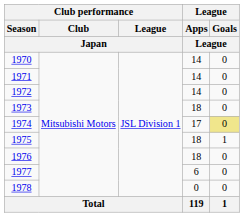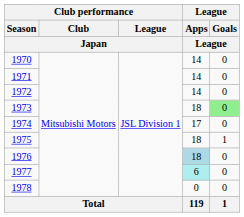 <table class="wikitable" style="text-align:center;">
 <tr>
 <th colspan=3>Club performance</th>
 <th colspan=2>League</th>
 </tr>
 <tr>
 <th>Season</th>
 <th>Club</th>
 <th>League</th>
 <th>Apps</th>
 <th>Goals</th>
 </tr>
 <tr>
 <th colspan=3>Japan</th>
 <th colspan=2>League</th>
 </tr>
 <tr>
 <td><a href='#'>1970</a></td>
 <td rowspan="9"><a href='#'>Mitsubishi Motors</a></td>
 <td rowspan="9"><a href='#'>JSL Division 1</a></td>
 <td>14</td>
 <td>0</td>
 </tr>
 <tr>
 <td><a href='#'>1971</a></td>
 <td>14</td>
 <td>0</td>
 </tr>
 <tr>
 <td><a href='#'>1972</a></td>
 <td>14</td>
 <td>0</td>
 </tr>
 <tr>
 <td><a href='#'>1973</a></td>
 <td>18</td>
-<td>0</td>
+<td style="background: lightgreen;">0</td>
 </tr>
 <tr>
 <td><a href='#'>1974</a></td>
 <td>17</td>
-<td style="background: khaki;">0</td>
+<td>0</td>
 </tr>
 <tr>
 <td><a href='#'>1975</a></td>
 <td>18</td>
 <td>1</td>
 </tr>
 <tr>
 <td><a href='#'>1976</a></td>
-<td>18</td>
+<td style="background: lightblue;">18</td>
 <td>0</td>
 </tr>
 <tr>
 <td><a href='#'>1977</a></td>
-<td>6</td>
+<td style="background: paleturquoise;">6</td>
 <td>0</td>
 </tr>
 <tr>
 <td><a href='#'>1978</a></td>
 <td>0</td>
 <td>0</td>
 </tr>
 <tr>
 <th colspan=3>Total</th>
 <th>119</th>
 <th>1</th>
 </tr>
 </table>
